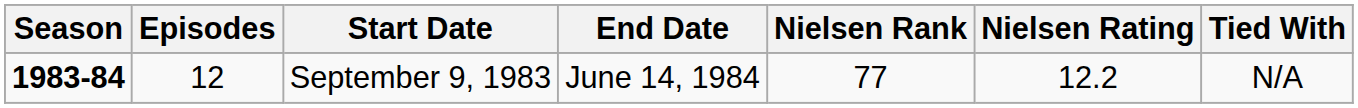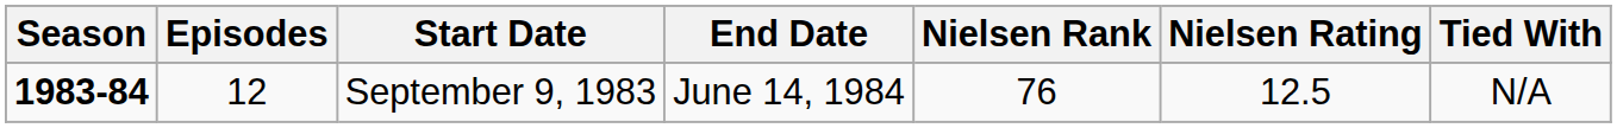 <table class="wikitable" style="text-align: center">
 <tr>
 <th>Season</th>
 <th>Episodes</th>
 <th>Start Date</th>
 <th>End Date</th>
 <th>Nielsen Rank</th>
 <th>Nielsen Rating</th>
 <th>Tied With</th>
 </tr>
 <tr>
 <td style="text-align:center"><strong>1983-84</strong></td>
 <td style="text-align:center">12</td>
 <td style="text-align:center">September 9, 1983</td>
 <td style="text-align:center">June 14, 1984</td>
-<td style="text-align:center:">77</td>
-<td style="text-align:center">12.2</td>
+<td style="text-align:center:">76</td>
+<td style="text-align:center">12.5</td>
 <td style="text-align:center">N/A</td>
 </tr>
 </table>
